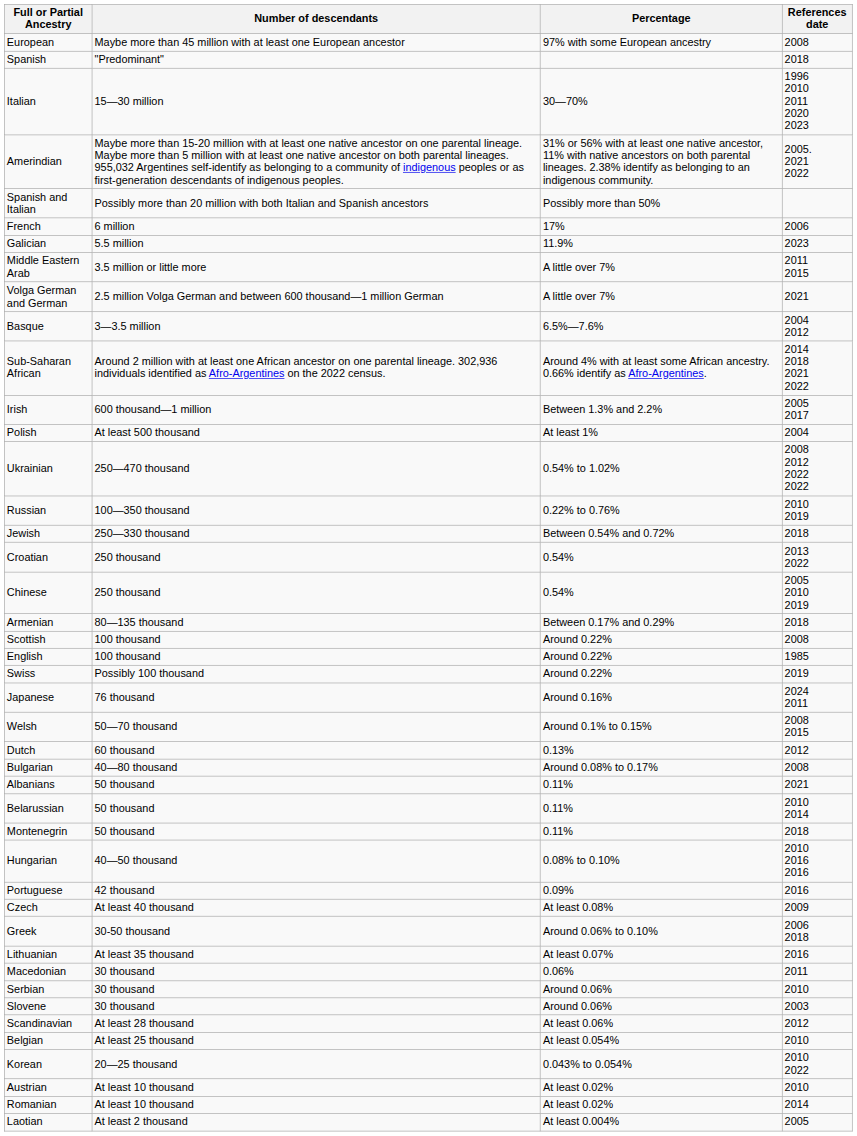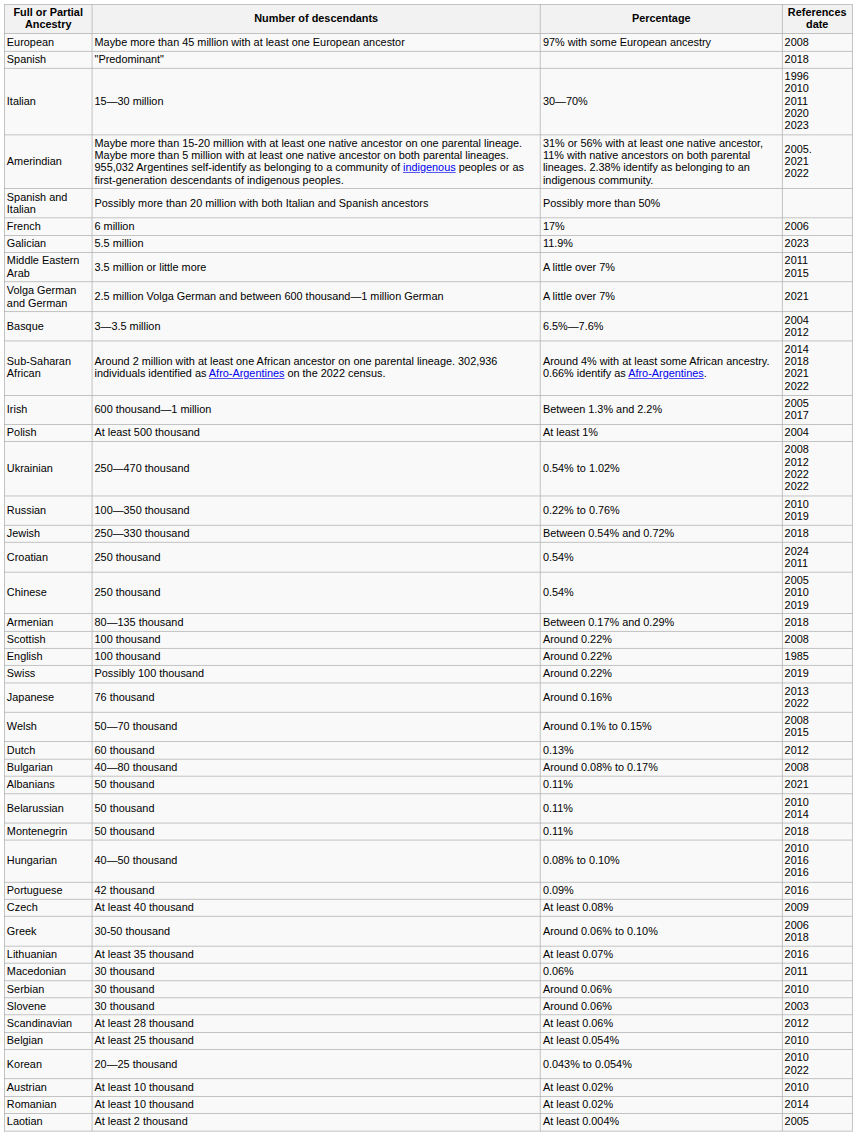 <table class="wikitable">
 <tr>
 <th>Full or Partial Ancestry</th>
 <th>Number of descendants</th>
 <th>Percentage</th>
 <th>References date</th>
 </tr>
 <tr>
 <td>European</td>
 <td>Maybe more than 45 million with at least one European ancestor</td>
 <td>97% with some European ancestry</td>
 <td>2008</td>
 </tr>
 <tr>
 <td>Spanish</td>
 <td>"Predominant"</td>
 <td></td>
 <td>2018</td>
 </tr>
 <tr>
 <td>Italian</td>
 <td>15—30 million</td>
 <td>30—70%</td>
 <td>1996<br>2010<br>2011<br>2020<br>2023</td>
 </tr>
 <tr>
 <td>Amerindian</td>
 <td>Maybe more than 15-20 million with at least one native ancestor on one parental lineage. Maybe more than 5 million with at least one native ancestor on both parental lineages. 955,032 Argentines self-identify as belonging to a community of <a href='#'>indigenous</a> peoples or as first-generation descendants of indigenous peoples.</td>
 <td>31% or 56% with at least one native ancestor, 11% with native ancestors on both parental lineages. 2.38% identify as belonging to an indigenous community.</td>
 <td>2005. <br>2021 <br>2022</td>
 </tr>
 <tr>
 <td>Spanish and Italian</td>
 <td>Possibly more than 20 million with both Italian and Spanish ancestors</td>
 <td>Possibly more than 50%</td>
 </tr>
 <tr>
 <td>French</td>
 <td>6 million</td>
 <td>17%</td>
 <td>2006</td>
 </tr>
 <tr>
 <td>Galician</td>
 <td>5.5 million</td>
 <td>11.9%</td>
 <td>2023</td>
 </tr>
 <tr>
 <td>Middle Eastern Arab</td>
 <td>3.5 million or little more</td>
 <td>A little over 7%</td>
 <td>2011<br>2015</td>
 </tr>
 <tr>
 <td>Volga German and German</td>
 <td>2.5 million Volga German and between 600 thousand—1 million German</td>
 <td>A little over 7%</td>
 <td>2021</td>
 </tr>
 <tr>
 <td>Basque</td>
 <td>3—3.5 million</td>
 <td>6.5%—7.6%</td>
 <td>2004<br>2012</td>
 </tr>
 <tr>
 <td>Sub-Saharan African</td>
 <td>Around 2 million with at least one African ancestor on one parental lineage. 302,936 individuals identified as <a href='#'>Afro-Argentines</a> on the 2022 census.</td>
 <td>Around 4% with at least some African ancestry. 0.66% identify as <a href='#'>Afro-Argentines</a>.</td>
 <td>2014<br>2018<br>2021<br>2022</td>
 </tr>
 <tr>
 <td>Irish</td>
 <td>600 thousand—1 million</td>
 <td>Between 1.3% and 2.2%</td>
 <td>2005<br>2017</td>
 </tr>
 <tr>
 <td>Polish</td>
 <td>At least 500 thousand</td>
 <td>At least 1%</td>
 <td>2004</td>
 </tr>
 <tr>
 <td>Ukrainian</td>
 <td>250—470 thousand</td>
 <td>0.54% to 1.02%</td>
 <td>2008<br>2012<br>2022<br>2022</td>
 </tr>
 <tr>
 <td>Russian</td>
 <td>100—350 thousand</td>
 <td>0.22% to 0.76%</td>
 <td>2010<br>2019</td>
 </tr>
 <tr>
 <td>Jewish</td>
 <td>250—330 thousand</td>
 <td>Between 0.54% and 0.72%</td>
 <td>2018</td>
 </tr>
 <tr>
 <td>Croatian</td>
 <td>250 thousand</td>
 <td>0.54%</td>
-<td>2013<br>2022</td>
+<td>2024<br>2011</td>
 </tr>
 <tr>
 <td>Chinese</td>
 <td>250 thousand</td>
 <td>0.54%</td>
 <td>2005<br>2010<br>2019</td>
 </tr>
 <tr>
 <td>Armenian</td>
 <td>80—135 thousand</td>
 <td>Between 0.17% and 0.29%</td>
 <td>2018</td>
 </tr>
 <tr>
 <td>Scottish</td>
 <td>100 thousand</td>
 <td>Around 0.22%</td>
 <td>2008</td>
 </tr>
 <tr>
 <td>English</td>
 <td>100 thousand</td>
 <td>Around 0.22%</td>
 <td>1985</td>
 </tr>
 <tr>
 <td>Swiss</td>
 <td>Possibly 100 thousand</td>
 <td>Around 0.22%</td>
 <td>2019</td>
 </tr>
 <tr>
 <td>Japanese</td>
 <td>76 thousand</td>
 <td>Around 0.16%</td>
-<td>2024<br>2011</td>
+<td>2013<br>2022</td>
 </tr>
 <tr>
 <td>Welsh</td>
 <td>50—70 thousand</td>
 <td>Around 0.1% to 0.15%</td>
 <td>2008<br>2015</td>
 </tr>
 <tr>
 <td>Dutch</td>
 <td>60 thousand</td>
 <td>0.13%</td>
 <td>2012</td>
 </tr>
 <tr>
 <td>Bulgarian</td>
 <td>40—80 thousand</td>
 <td>Around 0.08% to 0.17%</td>
 <td>2008</td>
 </tr>
 <tr>
 <td>Albanians</td>
 <td>50 thousand</td>
 <td>0.11%</td>
 <td>2021</td>
 </tr>
 <tr>
 <td>Belarussian</td>
 <td>50 thousand</td>
 <td>0.11%</td>
 <td>2010<br>2014</td>
 </tr>
 <tr>
 <td>Montenegrin</td>
 <td>50 thousand</td>
 <td>0.11%</td>
 <td>2018</td>
 </tr>
 <tr>
 <td>Hungarian</td>
 <td>40—50 thousand</td>
 <td>0.08% to 0.10%</td>
 <td>2010<br>2016<br>2016</td>
 </tr>
 <tr>
 <td>Portuguese</td>
 <td>42 thousand</td>
 <td>0.09%</td>
 <td>2016</td>
 </tr>
 <tr>
 <td>Czech</td>
 <td>At least 40 thousand</td>
 <td>At least 0.08%</td>
 <td>2009</td>
 </tr>
 <tr>
 <td>Greek</td>
 <td>30-50 thousand</td>
 <td>Around 0.06% to 0.10%</td>
 <td>2006<br>2018</td>
 </tr>
 <tr>
 <td>Lithuanian</td>
 <td>At least 35 thousand</td>
 <td>At least 0.07%</td>
 <td>2016</td>
 </tr>
 <tr>
 <td>Macedonian</td>
 <td>30 thousand</td>
 <td>0.06%</td>
 <td>2011</td>
 </tr>
 <tr>
 <td>Serbian</td>
 <td>30 thousand</td>
 <td>Around 0.06%</td>
 <td>2010</td>
 </tr>
 <tr>
 <td>Slovene</td>
 <td>30 thousand</td>
 <td>Around 0.06%</td>
 <td>2003</td>
 </tr>
 <tr>
 <td>Scandinavian</td>
 <td>At least 28 thousand</td>
 <td>At least 0.06%</td>
 <td>2012</td>
 </tr>
 <tr>
 <td>Belgian</td>
 <td>At least 25 thousand</td>
 <td>At least 0.054%</td>
 <td>2010</td>
 </tr>
 <tr>
 <td>Korean</td>
 <td>20—25 thousand</td>
 <td>0.043% to 0.054%</td>
 <td>2010<br>2022</td>
 </tr>
 <tr>
 <td>Austrian</td>
 <td>At least 10 thousand</td>
 <td>At least 0.02%</td>
 <td>2010</td>
 </tr>
 <tr>
 <td>Romanian</td>
 <td>At least 10 thousand</td>
 <td>At least 0.02%</td>
 <td>2014</td>
 </tr>
 <tr>
 <td>Laotian</td>
 <td>At least 2 thousand</td>
 <td>At least 0.004%</td>
 <td>2005<br> </td>
 </tr>
 </table>
